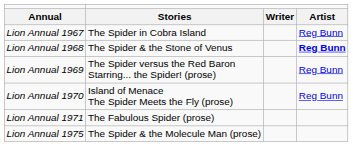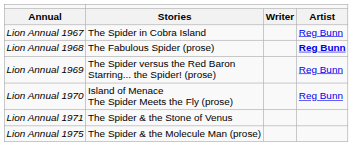 <table class="wikitable mw-collapsible mw-collapsed">
 <tr>
 <td></td>
 </tr>
 <tr>
 <th>Annual</th>
 <th>Stories</th>
 <th>Writer</th>
 <th>Artist</th>
 </tr>
 <tr>
 <td><em>Lion Annual 1967</em></td>
 <td>The Spider in Cobra Island</td>
 <td></td>
 <td><a href='#'>Reg Bunn</a></td>
 </tr>
 <tr>
 <td><em>Lion Annual 1968</em></td>
-<td>The Spider & the Stone of Venus</td>
+<td>The Fabulous Spider (prose)</td>
 <td></td>
 <td><strong><a href='#'>Reg Bunn</a></strong></td>
 </tr>
 <tr>
 <td><em>Lion Annual 1969</em></td>
 <td>The Spider versus the Red Baron<br>Starring... the Spider! (prose)</td>
 <td></td>
 <td><a href='#'>Reg Bunn</a></td>
 </tr>
 <tr>
 <td><em>Lion Annual 1970</em></td>
 <td>Island of Menace<br>The Spider Meets the Fly (prose)</td>
 <td></td>
 <td><a href='#'>Reg Bunn</a></td>
 </tr>
 <tr>
 <td><em>Lion Annual 1971</em></td>
-<td>The Fabulous Spider (prose)</td>
+<td>The Spider & the Stone of Venus</td>
 <td></td>
 <td></td>
 </tr>
 <tr>
 <td><em>Lion Annual 1975</em></td>
 <td>The Spider & the Molecule Man (prose)</td>
 <td></td>
 <td></td>
 </tr>
 </table>
